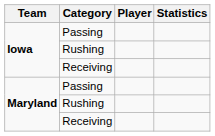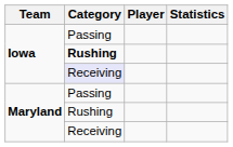 <table class="wikitable" style="float: right;">
 <tr>
 <th>Team</th>
 <th>Category</th>
 <th>Player</th>
 <th>Statistics</th>
 </tr>
 <tr>
 <td rowspan=3><strong>Iowa</strong></td>
 <td>Passing</td>
 <td></td>
 <td></td>
 </tr>
 <tr>
-<td>Rushing</td>
+<td><strong>Rushing</strong></td>
 <td></td>
 <td></td>
 </tr>
 <tr>
-<td>Receiving</td>
+<td style="background: lavender;">Receiving</td>
 <td></td>
 <td></td>
 </tr>
 <tr>
 <td rowspan=3><strong>Maryland</strong></td>
 <td>Passing</td>
 <td></td>
 <td></td>
 </tr>
 <tr>
 <td>Rushing</td>
 <td></td>
 <td></td>
 </tr>
 <tr>
 <td>Receiving</td>
 <td></td>
 <td></td>
 </tr>
 </table>
